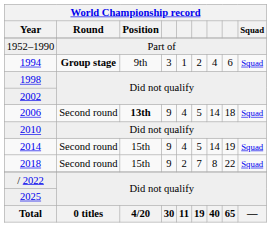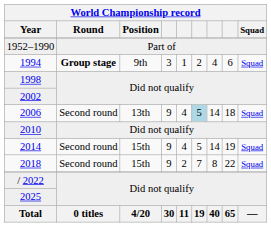 <table class="wikitable" style="text-align: center;">
 <tr>
 <th colspan=10><a href='#'>World Championship record</a></th>
 </tr>
 <tr>
 <th>Year</th>
 <th>Round</th>
 <th>Position</th>
 <th></th>
 <th></th>
 <th></th>
 <th></th>
 <th></th>
 <th><small>Squad</small></th>
 </tr>
 <tr>
 </tr>
 <tr bgcolor="efefef">
 <td>1952–1990</td>
 <td colspan=8>Part of </td>
 </tr>
 <tr>
 <td> <a href='#'>1994</a></td>
 <td><strong>Group stage</strong></td>
 <td>9th</td>
 <td>3</td>
 <td>1</td>
 <td>2</td>
 <td>4</td>
 <td>6</td>
 <td><small><a href='#'>Squad</a></small></td>
 </tr>
 <tr bgcolor="efefef">
 <td> <a href='#'>1998</a></td>
 <td colspan=8 rowspan=2 align=center>Did not qualify</td>
 </tr>
 <tr bgcolor="efefef">
 <td> <a href='#'>2002</a></td>
 </tr>
 <tr>
 <td> <a href='#'>2006</a></td>
 <td>Second round</td>
-<td><strong>13th</strong></td>
+<td>13th</td>
 <td>9</td>
 <td>4</td>
-<td>5</td>
+<td style="background: lightblue;">5</td>
 <td>14</td>
 <td>18</td>
 <td><small><a href='#'>Squad</a></small></td>
 </tr>
 <tr bgcolor="efefef">
 <td> <a href='#'>2010</a></td>
 <td colspan=8 rowspan=1 align=center>Did not qualify</td>
 </tr>
 <tr>
 <td> <a href='#'>2014</a></td>
 <td>Second round</td>
 <td>15th</td>
 <td>9</td>
 <td>4</td>
 <td>5</td>
 <td>14</td>
 <td>19</td>
 <td><small><a href='#'>Squad</a></small></td>
 </tr>
 <tr>
 <td> <a href='#'>2018</a></td>
 <td>Second round</td>
 <td>15th</td>
 <td>9</td>
 <td>2</td>
 <td>7</td>
 <td>8</td>
 <td>22</td>
 <td><small><a href='#'>Squad</a></small></td>
 </tr>
 <tr>
 </tr>
 <tr bgcolor="efefef">
 <td>/ <a href='#'>2022</a></td>
 <td colspan=11 rowspan=2 align=center>Did not qualify</td>
 </tr>
 <tr bgcolor="efefef">
 <td> <a href='#'>2025</a></td>
 </tr>
 <tr>
 <th>Total</th>
 <th>0 titles</th>
 <th>4/20</th>
 <th>30</th>
 <th>11</th>
 <th>19</th>
 <th>40</th>
 <th>65</th>
 <th>—</th>
 </tr>
 </table>
